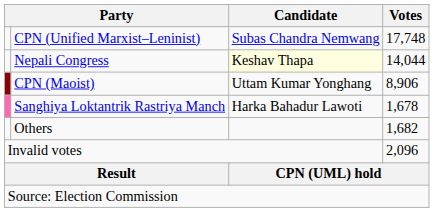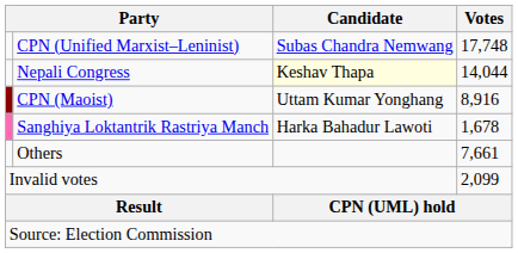 <table class="wikitable">
 <tr>
 <th colspan="2">Party</th>
 <th>Candidate</th>
 <th>Votes</th>
 </tr>
 <tr>
 <td style="background-color:"></td>
 <td><a href='#'>CPN (Unified Marxist–Leninist)</a></td>
 <td><a href='#'>Subas Chandra Nemwang</a></td>
 <td>17,748</td>
 </tr>
 <tr>
 <td style="background-color:"></td>
 <td><a href='#'>Nepali Congress</a></td>
 <td style="background: lightyellow;">Keshav Thapa</td>
 <td>14,044</td>
 </tr>
 <tr>
 <td style="background-color:darkred"></td>
 <td><a href='#'>CPN (Maoist)</a></td>
 <td>Uttam Kumar Yonghang</td>
-<td>8,906</td>
+<td>8,916</td>
 </tr>
 <tr>
 <td style="background-color:hotpink"></td>
 <td><a href='#'>Sanghiya Loktantrik Rastriya Manch</a></td>
 <td>Harka Bahadur Lawoti</td>
 <td>1,678</td>
 </tr>
 <tr>
 <td></td>
 <td>Others</td>
 <td></td>
-<td>1,682</td>
+<td>7,661</td>
 </tr>
 <tr>
 <td colspan="3">Invalid votes</td>
-<td>2,096</td>
+<td>2,099</td>
 </tr>
 <tr>
 <th colspan="2">Result</th>
 <th colspan="2">CPN (UML) hold</th>
 </tr>
 <tr>
 <td colspan="4">Source: Election Commission</td>
 </tr>
 </table>
